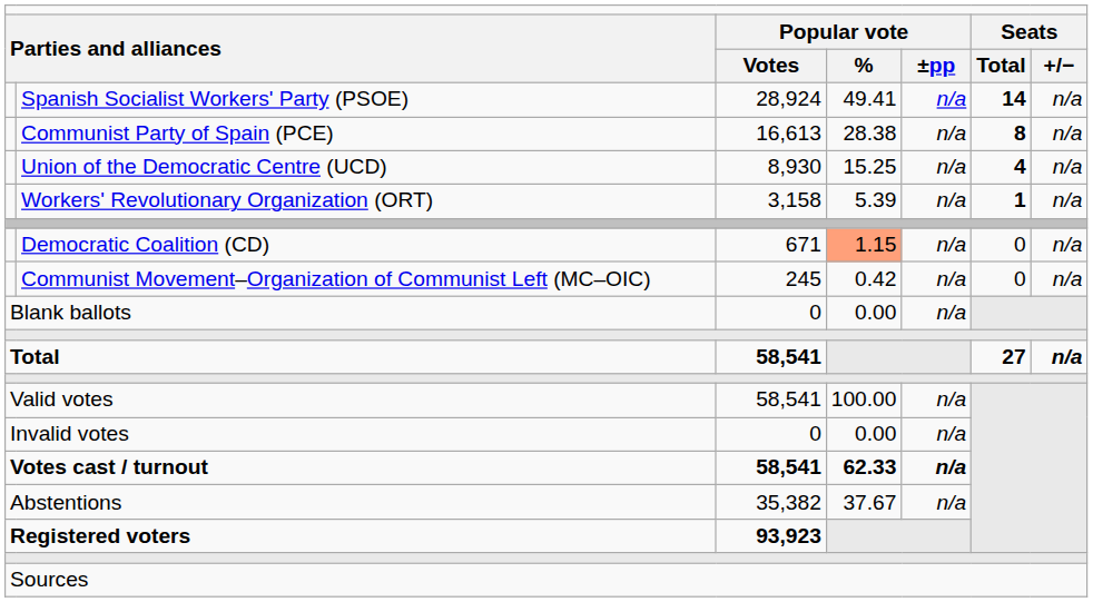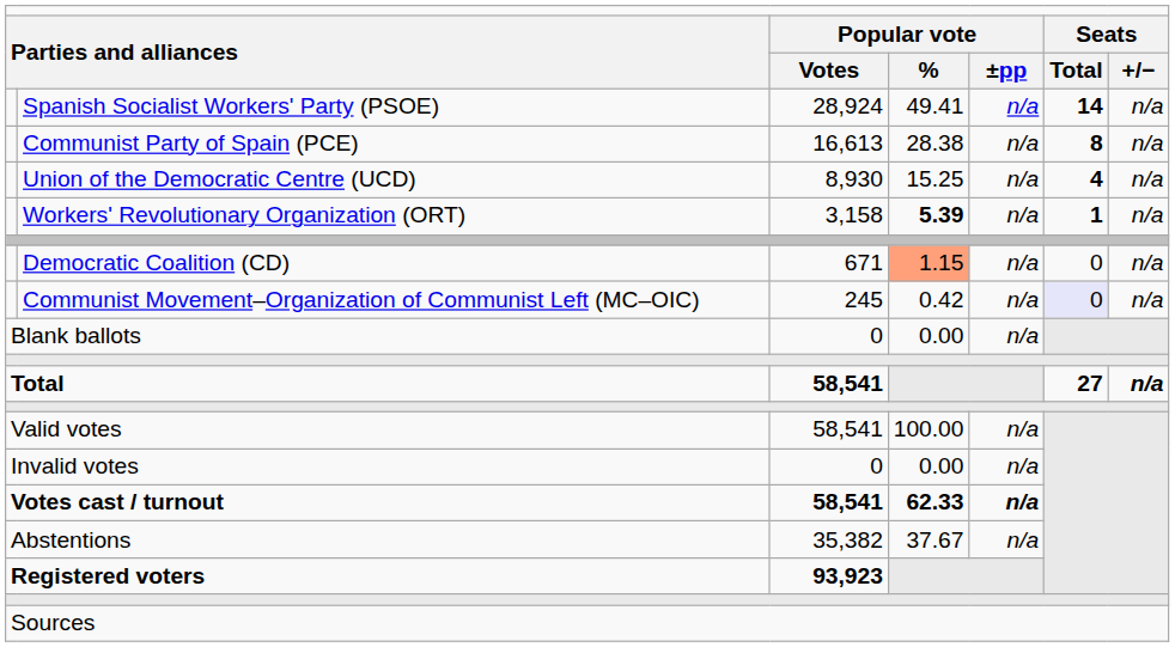 <table class="wikitable" style="text-align:right;">
 <tr>
 <td colspan="7"></td>
 </tr>
 <tr>
 <th style="text-align:left;" rowspan="2" colspan="2" width="525">Parties and alliances</th>
 <th colspan="3">Popular vote</th>
 <th colspan="2">Seats</th>
 </tr>
 <tr>
 <th width="75">Votes</th>
 <th width="45">%</th>
 <th width="45">±<a href='#'>pp</a></th>
 <th width="35">Total</th>
 <th width="35">+/−</th>
 </tr>
 <tr>
 <td width="1" style="color:inherit;background:"></td>
 <td align="left"><a href='#'>Spanish Socialist Workers' Party</a> (PSOE)</td>
 <td>28,924</td>
 <td>49.41</td>
 <td><em><a href='#'>n/a</a></em></td>
 <td><strong>14</strong></td>
 <td><em>n/a</em></td>
 </tr>
 <tr>
 <td style="color:inherit;background:"></td>
 <td align="left"><a href='#'>Communist Party of Spain</a> (PCE)</td>
 <td>16,613</td>
 <td>28.38</td>
 <td><em>n/a</em></td>
 <td><strong>8</strong></td>
 <td><em>n/a</em></td>
 </tr>
 <tr>
 <td style="color:inherit;background:"></td>
 <td align="left"><a href='#'>Union of the Democratic Centre</a> (UCD)</td>
 <td>8,930</td>
 <td>15.25</td>
 <td><em>n/a</em></td>
 <td><strong>4</strong></td>
 <td><em>n/a</em></td>
 </tr>
 <tr>
 <td style="color:inherit;background:"></td>
 <td align="left"><a href='#'>Workers' Revolutionary Organization</a> (ORT)</td>
 <td>3,158</td>
-<td>5.39</td>
+<td><strong>5.39</strong></td>
 <td><em>n/a</em></td>
 <td><strong>1</strong></td>
 <td><em>n/a</em></td>
 </tr>
 <tr>
 <td colspan="7" bgcolor="#C0C0C0"></td>
 </tr>
 <tr>
 <td style="color:inherit;background:"></td>
 <td align="left"><a href='#'>Democratic Coalition</a> (CD)</td>
 <td>671</td>
 <td style="background: lightsalmon;">1.15</td>
 <td><em>n/a</em></td>
 <td>0</td>
 <td><em>n/a</em></td>
 </tr>
 <tr>
 <td style="color:inherit;background:"></td>
 <td align="left"><a href='#'>Communist Movement</a>–<a href='#'>Organization of Communist Left</a> (MC–OIC)</td>
 <td>245</td>
 <td>0.42</td>
 <td><em>n/a</em></td>
-<td>0</td>
+<td style="background: lavender;">0</td>
 <td><em>n/a</em></td>
 </tr>
 <tr>
 <td align="left" colspan="2">Blank ballots</td>
 <td>0</td>
 <td>0.00</td>
 <td><em>n/a</em></td>
 <td bgcolor="#E9E9E9" colspan="2"></td>
 </tr>
 <tr>
 <td colspan="7" bgcolor="#E9E9E9"></td>
 </tr>
 <tr style="font-weight:bold;">
 <td align="left" colspan="2">Total</td>
 <td>58,541</td>
 <td bgcolor="#E9E9E9" colspan="2"></td>
 <td>27</td>
 <td><em>n/a</em></td>
 </tr>
 <tr>
 <td colspan="7" bgcolor="#E9E9E9"></td>
 </tr>
 <tr>
 <td align="left" colspan="2">Valid votes</td>
 <td>58,541</td>
 <td>100.00</td>
 <td><em>n/a</em></td>
 <td bgcolor="#E9E9E9" colspan="2" rowspan="5"></td>
 </tr>
 <tr>
 <td align="left" colspan="2">Invalid votes</td>
 <td>0</td>
 <td>0.00</td>
 <td><em>n/a</em></td>
 </tr>
 <tr style="font-weight:bold;">
 <td align="left" colspan="2">Votes cast / turnout</td>
 <td>58,541</td>
 <td>62.33</td>
 <td><em>n/a</em></td>
 </tr>
 <tr>
 <td align="left" colspan="2">Abstentions</td>
 <td>35,382</td>
 <td>37.67</td>
 <td><em>n/a</em></td>
 </tr>
 <tr style="font-weight:bold;">
 <td align="left" colspan="2">Registered voters</td>
 <td>93,923</td>
 <td bgcolor="#E9E9E9" colspan="2"></td>
 </tr>
 <tr>
 <td colspan="7" bgcolor="#E9E9E9"></td>
 </tr>
 <tr>
 <td align="left" colspan="7">Sources</td>
 </tr>
 </table>
